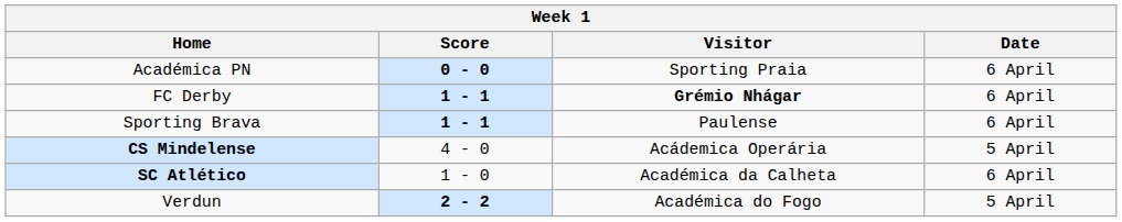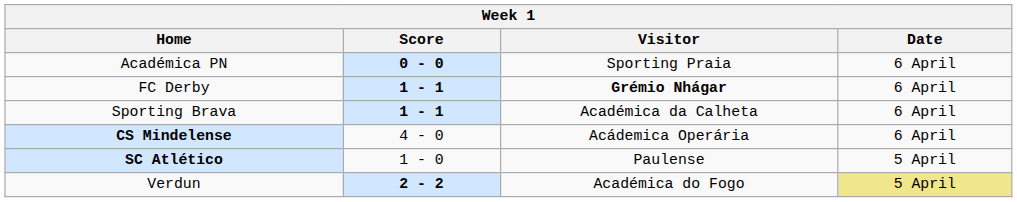 <table class="wikitable" style="margin:1em auto; font-size:95%; text-align: center; width: 95%;">
 <tr>
 <th colspan="12" style="with: 100%;">Week 1</th>
 </tr>
 <tr>
 <th width="200">Home</th>
 <th width="90">Score</th>
 <th width="200">Visitor</th>
 <th width="100">Date</th>
 </tr>
 <tr>
 <td>Académica PN</td>
 <td bgcolor=#D0E7FF><strong>0 - 0</strong></td>
 <td>Sporting Praia</td>
 <td>6 April</td>
 </tr>
 <tr>
 <td>FC Derby</td>
 <td bgcolor=#D0E7FF><strong>1 - 1</strong></td>
 <td><strong>Grémio Nhágar</strong></td>
 <td>6 April</td>
 </tr>
 <tr>
 <td>Sporting Brava</td>
 <td bgcolor=#D0E7FF><strong>1 - 1</strong></td>
-<td>Paulense</td>
+<td>Académica da Calheta</td>
 <td>6 April</td>
 </tr>
 <tr>
 <td bgcolor=#D0E7FF><strong>CS Mindelense</strong></td>
 <td>4 - 0</td>
 <td>Acádemica Operária</td>
-<td>5 April</td>
+<td>6 April</td>
 </tr>
 <tr>
 <td bgcolor=#D0E7FF><strong>SC Atlético</strong></td>
 <td>1 - 0</td>
-<td>Académica da Calheta</td>
-<td>6 April</td>
+<td>Paulense</td>
+<td>5 April</td>
 </tr>
 <tr>
 <td>Verdun</td>
 <td bgcolor=#D0E7FF><strong>2 - 2</strong></td>
 <td>Académica do Fogo</td>
-<td>5 April</td>
+<td style="background: khaki;">5 April</td>
 </tr>
 </table>
